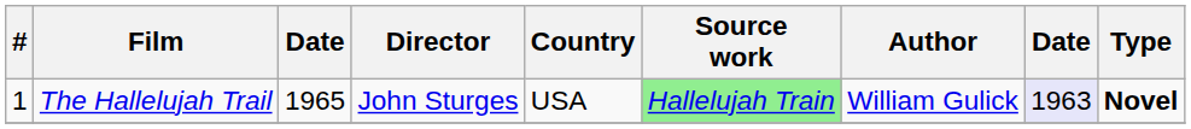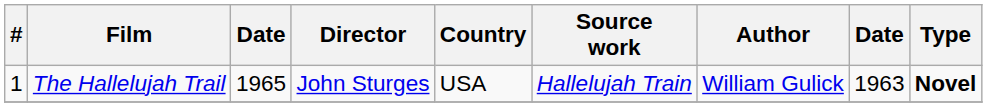 <table class="wikitable">
 <tr>
 <th>#</th>
 <th>Film</th>
 <th>Date</th>
 <th>Director</th>
 <th>Country</th>
 <th>Source<br>work</th>
 <th>Author</th>
 <th>Date</th>
 <th>Type</th>
 </tr>
 <tr>
 <td>1</td>
 <td><em><a href='#'>The Hallelujah Trail</a></em></td>
 <td>1965</td>
 <td><a href='#'>John Sturges</a></td>
 <td>USA</td>
-<td style="background: lightgreen;"><em><a href='#'>Hallelujah Train</a></em></td>
+<td><em><a href='#'>Hallelujah Train</a></em></td>
 <td><a href='#'>William Gulick</a></td>
-<td style="background: lavender;">1963</td>
+<td>1963</td>
 <td><strong>Novel</strong></td>
 </tr>
 <tr>
 </tr>
 </table>
